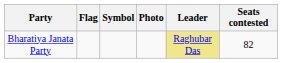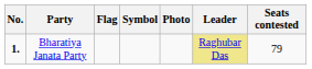 <table class="wikitable" style="width:50%;">
 <tr>
+<th>No.</th>
 <th>Party</th>
 <th>Flag</th>
 <th>Symbol</th>
 <th>Photo</th>
 <th>Leader</th>
 <th>Seats contested</th>
 </tr>
 <tr>
+<td ! style="text-align:center; background:"><strong>1.</strong></td>
 <td ! style="text-align:center"><a href='#'>Bharatiya Janata Party</a></td>
 <td></td>
 <td></td>
 <td></td>
 <td style="background: khaki; text-align:center"><a href='#'>Raghubar Das</a></td>
-<td style="text-align:center">82</td>
+<td style="text-align:center">79</td>
 </tr>
 </table>
